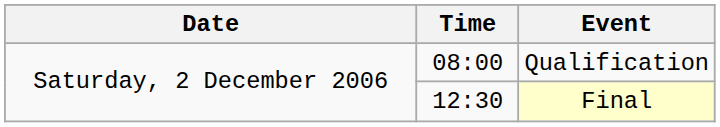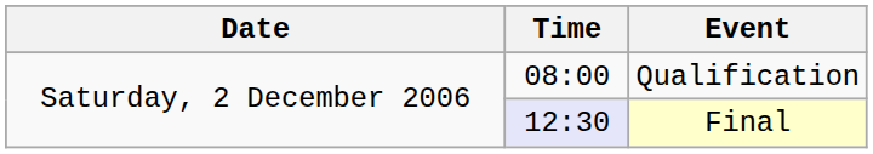 <table class = "wikitable" style="text-align:center;">
 <tr>
 <th width=220>Date</th>
 <th width=50>Time</th>
 <th width=100>Event</th>
 </tr>
 <tr>
 <td rowspan=2>Saturday, 2 December 2006</td>
 <td>08:00</td>
 <td>Qualification</td>
 </tr>
 <tr>
-<td>12:30</td>
+<td style="background: lavender;">12:30</td>
 <td bgcolor=ffffcc>Final</td>
 </tr>
 </table>
